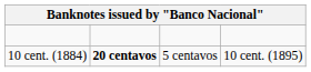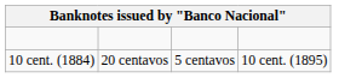 <table class= wikitable>
 <tr>
 <th colspan=4>Banknotes issued by "Banco Nacional"</th>
 </tr>
 <tr>
 <td></td>
 <td></td>
 <td></td>
 <td><br></td>
 </tr>
 <tr>
 <td>10 cent. (1884)</td>
-<td><strong>20 centavos</strong></td>
+<td>20 centavos</td>
 <td>5 centavos</td>
 <td>10 cent. (1895)</td>
 </tr>
 </table>
